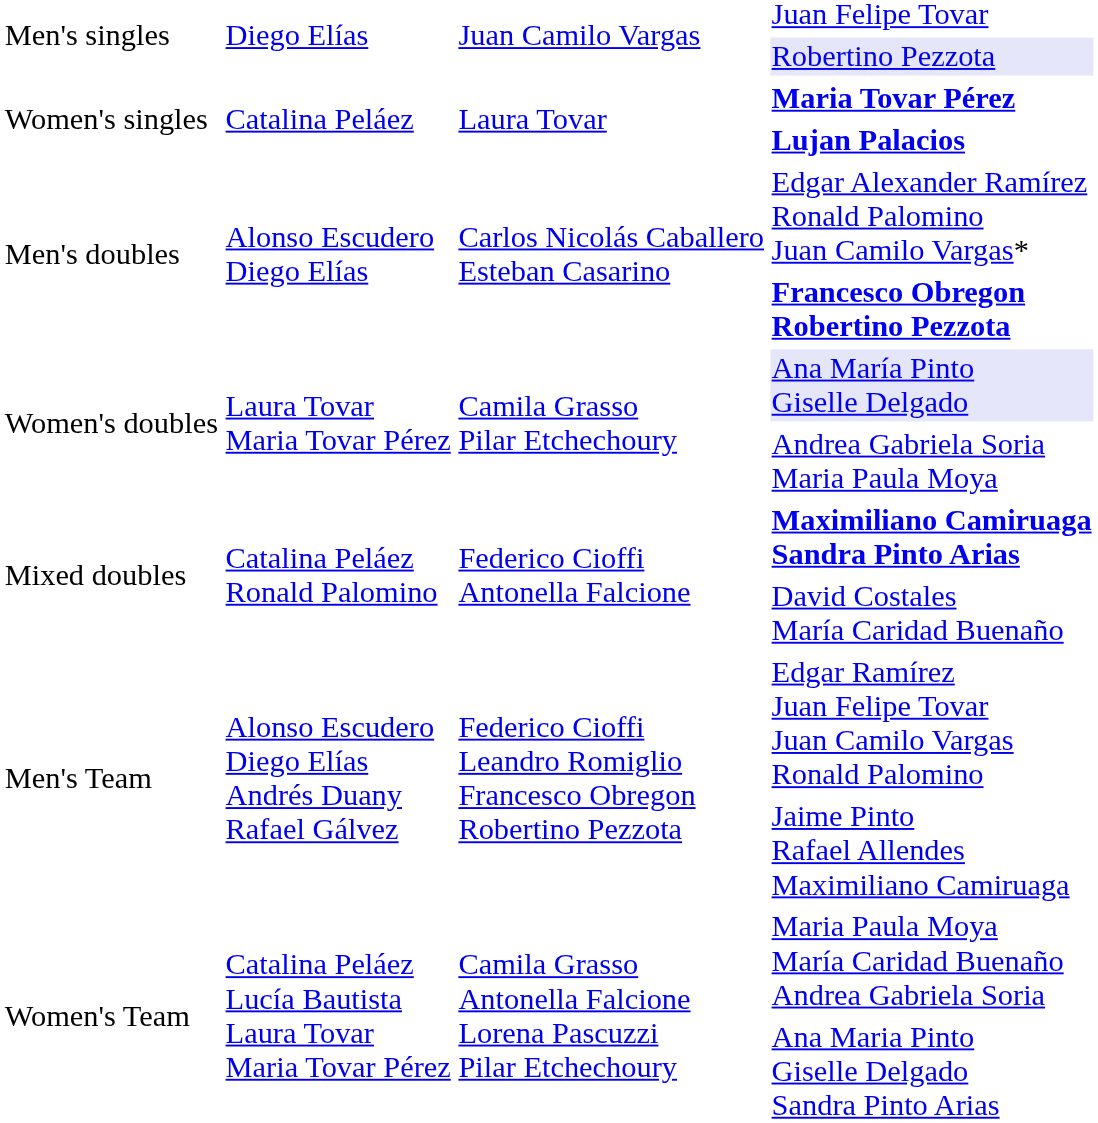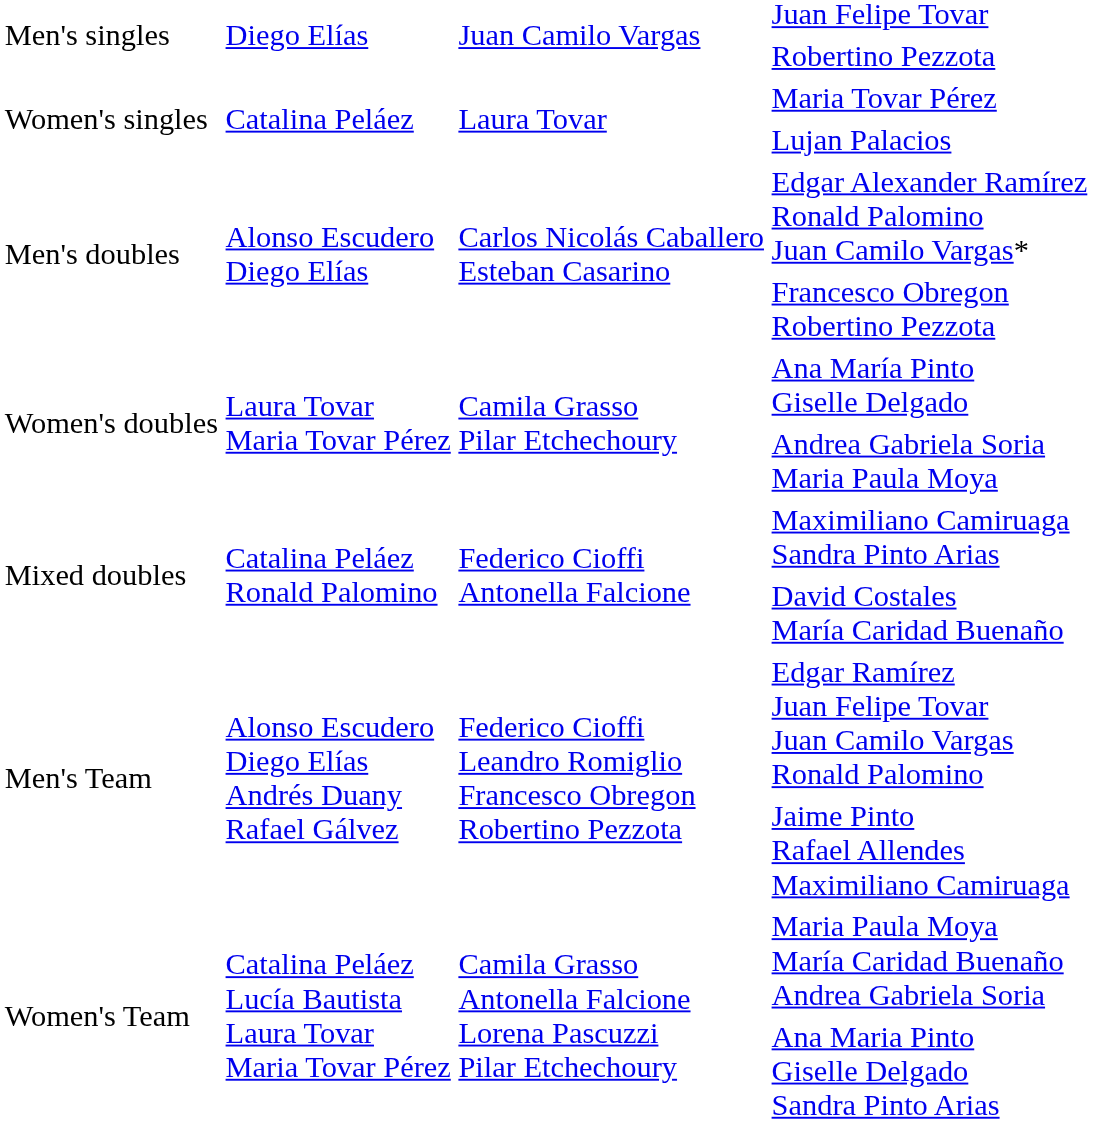 <table>
 <tr>
 <td rowspan=2>Men's singles</td>
 <td rowspan=2><a href='#'>Diego Elías</a><br></td>
 <td rowspan=2><a href='#'>Juan Camilo Vargas</a><br></td>
 <td><a href='#'>Juan Felipe Tovar</a><br></td>
 </tr>
 <tr>
-<td style="background: lavender;"><a href='#'>Robertino Pezzota</a><br></td>
+<td><a href='#'>Robertino Pezzota</a><br></td>
 </tr>
 <tr>
 <td rowspan=2>Women's singles</td>
 <td rowspan=2><a href='#'>Catalina Peláez</a><br></td>
 <td rowspan=2><a href='#'>Laura Tovar</a><br></td>
-<td><strong><a href='#'>Maria Tovar Pérez</a><br></strong></td>
+<td><a href='#'>Maria Tovar Pérez</a><br></td>
 </tr>
 <tr>
-<td><strong><a href='#'>Lujan Palacios</a><br></strong></td>
+<td><a href='#'>Lujan Palacios</a><br></td>
 </tr>
 <tr>
 <td rowspan=2>Men's doubles</td>
 <td rowspan=2><a href='#'>Alonso Escudero</a><br><a href='#'>Diego Elías</a><br></td>
 <td rowspan=2><a href='#'>Carlos Nicolás Caballero</a><br><a href='#'>Esteban Casarino</a><br></td>
 <td><a href='#'>Edgar Alexander Ramírez</a><br><a href='#'>Ronald Palomino</a><br><a href='#'>Juan Camilo Vargas</a>*<br></td>
 </tr>
 <tr>
-<td><strong><a href='#'>Francesco Obregon</a><br><a href='#'>Robertino Pezzota</a><br></strong></td>
+<td><a href='#'>Francesco Obregon</a><br><a href='#'>Robertino Pezzota</a><br></td>
 </tr>
 <tr>
 <td rowspan=2>Women's doubles</td>
 <td rowspan=2><a href='#'>Laura Tovar</a><br><a href='#'>Maria Tovar Pérez</a><br></td>
 <td rowspan=2><a href='#'>Camila Grasso</a><br><a href='#'>Pilar Etchechoury</a><br></td>
-<td style="background: lavender;"><a href='#'>Ana María Pinto</a><br><a href='#'>Giselle Delgado</a><br></td>
+<td><a href='#'>Ana María Pinto</a><br><a href='#'>Giselle Delgado</a><br></td>
 </tr>
 <tr>
 <td><a href='#'>Andrea Gabriela Soria</a><br><a href='#'>Maria Paula Moya</a><br></td>
 </tr>
 <tr>
 <td rowspan=2>Mixed doubles</td>
 <td rowspan=2><a href='#'>Catalina Peláez</a><br><a href='#'>Ronald Palomino</a><br></td>
 <td rowspan=2><a href='#'>Federico Cioffi</a><br><a href='#'>Antonella Falcione</a><br></td>
-<td><strong><a href='#'>Maximiliano Camiruaga</a><br><a href='#'>Sandra Pinto Arias</a><br></strong></td>
+<td><a href='#'>Maximiliano Camiruaga</a><br><a href='#'>Sandra Pinto Arias</a><br></td>
 </tr>
 <tr>
 <td><a href='#'>David Costales</a><br><a href='#'>María Caridad Buenaño</a><br></td>
 </tr>
 <tr>
 <td rowspan=2>Men's Team</td>
 <td rowspan=2><a href='#'>Alonso Escudero</a><br><a href='#'>Diego Elías</a><br><a href='#'>Andrés Duany</a><br><a href='#'>Rafael Gálvez</a><br></td>
 <td rowspan=2><a href='#'>Federico Cioffi</a><br><a href='#'>Leandro Romiglio</a><br><a href='#'>Francesco Obregon</a><br><a href='#'>Robertino Pezzota</a><br></td>
 <td><a href='#'>Edgar Ramírez</a><br><a href='#'>Juan Felipe Tovar</a><br><a href='#'>Juan Camilo Vargas</a><br><a href='#'>Ronald Palomino</a><br></td>
 </tr>
 <tr>
 <td><a href='#'>Jaime Pinto</a><br><a href='#'>Rafael Allendes</a><br><a href='#'>Maximiliano Camiruaga</a><br></td>
 </tr>
 <tr>
 <td rowspan=2>Women's Team</td>
 <td rowspan=2><a href='#'>Catalina Peláez</a><br><a href='#'>Lucía Bautista</a><br><a href='#'>Laura Tovar</a><br><a href='#'>Maria Tovar Pérez</a><br></td>
 <td rowspan=2><a href='#'>Camila Grasso</a><br><a href='#'>Antonella Falcione</a><br><a href='#'>Lorena Pascuzzi</a><br><a href='#'>Pilar Etchechoury</a><br></td>
 <td><a href='#'>Maria Paula Moya</a><br><a href='#'>María Caridad Buenaño</a><br><a href='#'>Andrea Gabriela Soria</a><br></td>
 </tr>
 <tr>
 <td><a href='#'>Ana Maria Pinto</a><br><a href='#'>Giselle Delgado</a><br><a href='#'>Sandra Pinto Arias</a><br></td>
 </tr>
 </table>
